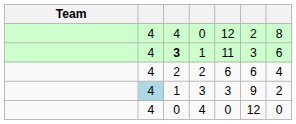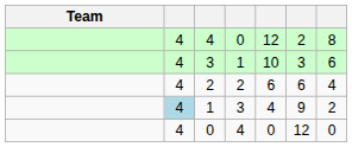 <table class="wikitable" style="text-align: center; font-size:95% ">
 <tr>
 <th width=160>Team</th>
 <th width=25></th>
 <th width=25></th>
 <th width=25></th>
 <th width=25></th>
 <th width=25></th>
 <th width=25></th>
 </tr>
 <tr bgcolor="ccffcc">
 <td align=left></td>
 <td>4</td>
 <td>4</td>
 <td>0</td>
 <td>12</td>
 <td>2</td>
 <td>8</td>
 </tr>
 <tr bgcolor="ccffcc">
 <td align=left></td>
 <td>4</td>
-<td><strong>3</strong></td>
+<td>3</td>
 <td>1</td>
-<td>11</td>
+<td>10</td>
 <td>3</td>
 <td>6</td>
 </tr>
 <tr>
 <td align=left></td>
 <td>4</td>
 <td>2</td>
 <td>2</td>
 <td>6</td>
 <td>6</td>
 <td>4</td>
 </tr>
 <tr>
 <td align=left></td>
 <td style="background: lightblue;">4</td>
 <td>1</td>
 <td>3</td>
-<td>3</td>
+<td>4</td>
 <td>9</td>
 <td>2</td>
 </tr>
 <tr>
 <td align=left></td>
 <td>4</td>
 <td>0</td>
 <td>4</td>
 <td>0</td>
 <td>12</td>
 <td>0</td>
 </tr>
 </table>
